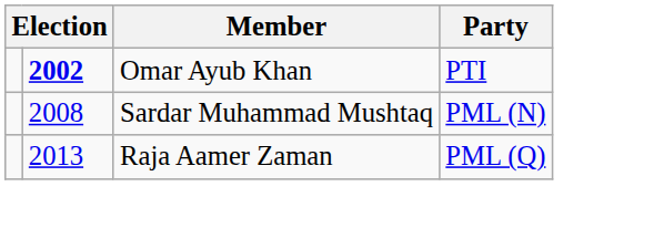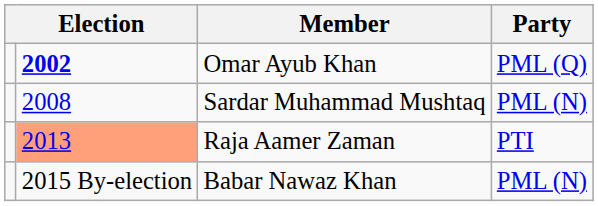 <table class="wikitable">
 <tr>
 <th colspan="2">Election</th>
 <th>Member</th>
 <th>Party</th>
 </tr>
 <tr>
 <td style="background-color: "></td>
 <td><strong><a href='#'>2002</a></strong></td>
 <td>Omar Ayub Khan</td>
-<td><a href='#'>PTI</a></td>
+<td><a href='#'>PML (Q)</a></td>
 </tr>
 <tr>
 <td style="background-color: "></td>
 <td><a href='#'>2008</a></td>
 <td>Sardar Muhammad Mushtaq</td>
 <td><a href='#'>PML (N)</a></td>
 </tr>
 <tr>
 <td style="background-color: "></td>
-<td><a href='#'>2013</a></td>
+<td style="background: lightsalmon;"><a href='#'>2013</a></td>
 <td>Raja Aamer Zaman</td>
-<td><a href='#'>PML (Q)</a></td>
+<td><a href='#'>PTI</a></td>
+</tr>
+<tr>
+<td style="background-color: "></td>
+<td>2015 By-election</td>
+<td>Babar Nawaz Khan</td>
+<td><a href='#'>PML (N)</a></td>
 </tr>
 </table>
